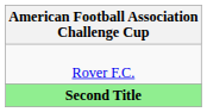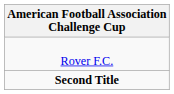 <table class="wikitable" style="text-align: center;" style="margin-left: auto; margin-right: auto; border: none;">
 <tr>
 <th width=>American Football Association<br> Challenge Cup</th>
 </tr>
 <tr>
 <td align=Center><br><a href='#'>Rover F.C.</a></td>
 </tr>
 <tr>
-<td align=Center style="background: lightgreen;"><strong>Second Title</strong></td>
+<td align=Center><strong>Second Title</strong></td>
 </tr>
 </table>
